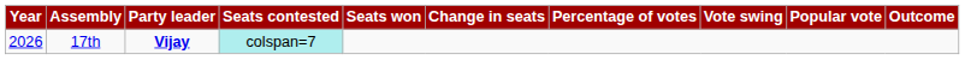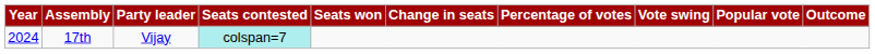 <table class="wikitable sortable" style="text-align:center;">
 <tr>
 <th style="background-color:#A00000;color:white">Year</th>
 <th style="background-color:#A00000;color:white">Assembly</th>
 <th style="background-color:#A00000;color:white">Party leader</th>
 <th style="background-color:#A00000;color:white">Seats contested</th>
 <th style="background-color:#A00000;color:white">Seats won</th>
 <th style="background-color:#A00000;color:white">Change in seats</th>
 <th style="background-color:#A00000;color:white">Percentage of votes</th>
 <th style="background-color:#A00000;color:white">Vote swing</th>
 <th style="background-color:#A00000;color:white">Popular vote</th>
 <th style="background-color:#A00000;color:white">Outcome</th>
 </tr>
 <tr>
-<td><a href='#'>2026</a></td>
+<td><a href='#'>2024</a></td>
 <td><a href='#'>17th</a></td>
-<td><strong><a href='#'>Vijay</a></strong></td>
+<td><a href='#'>Vijay</a></td>
 <td style="background: paleturquoise;">colspan=7 </td>
 </tr>
 </table>
